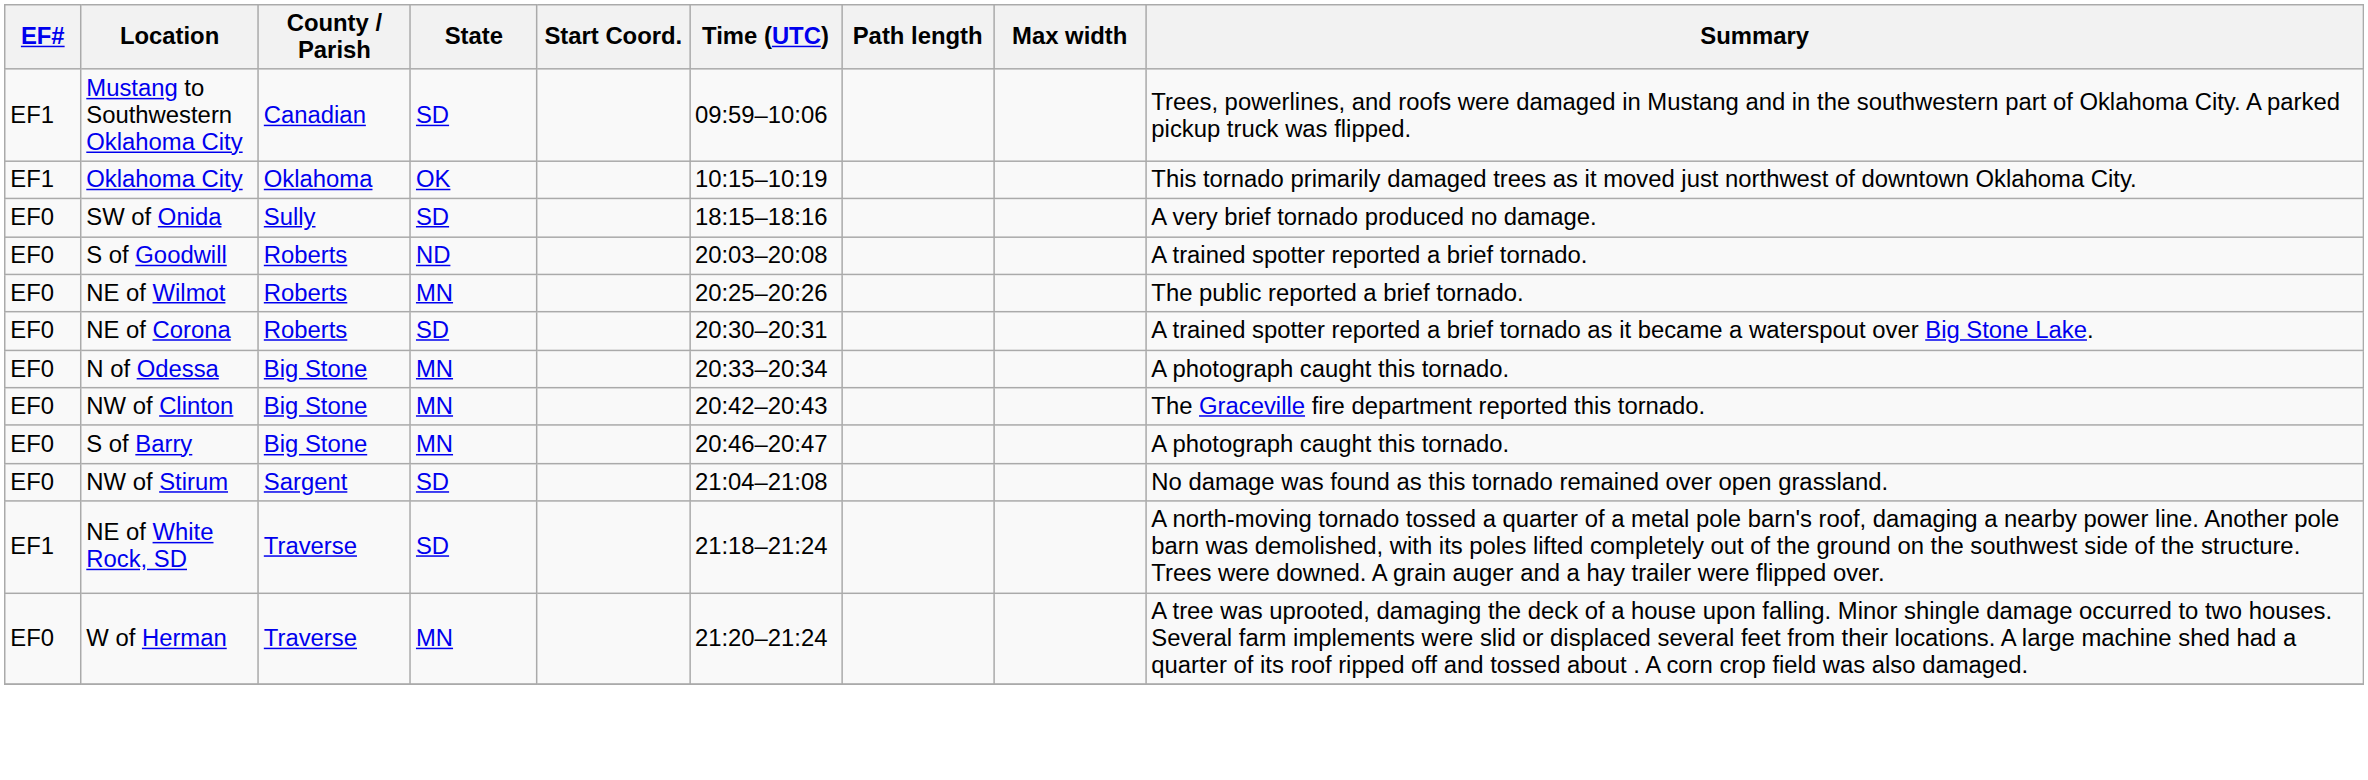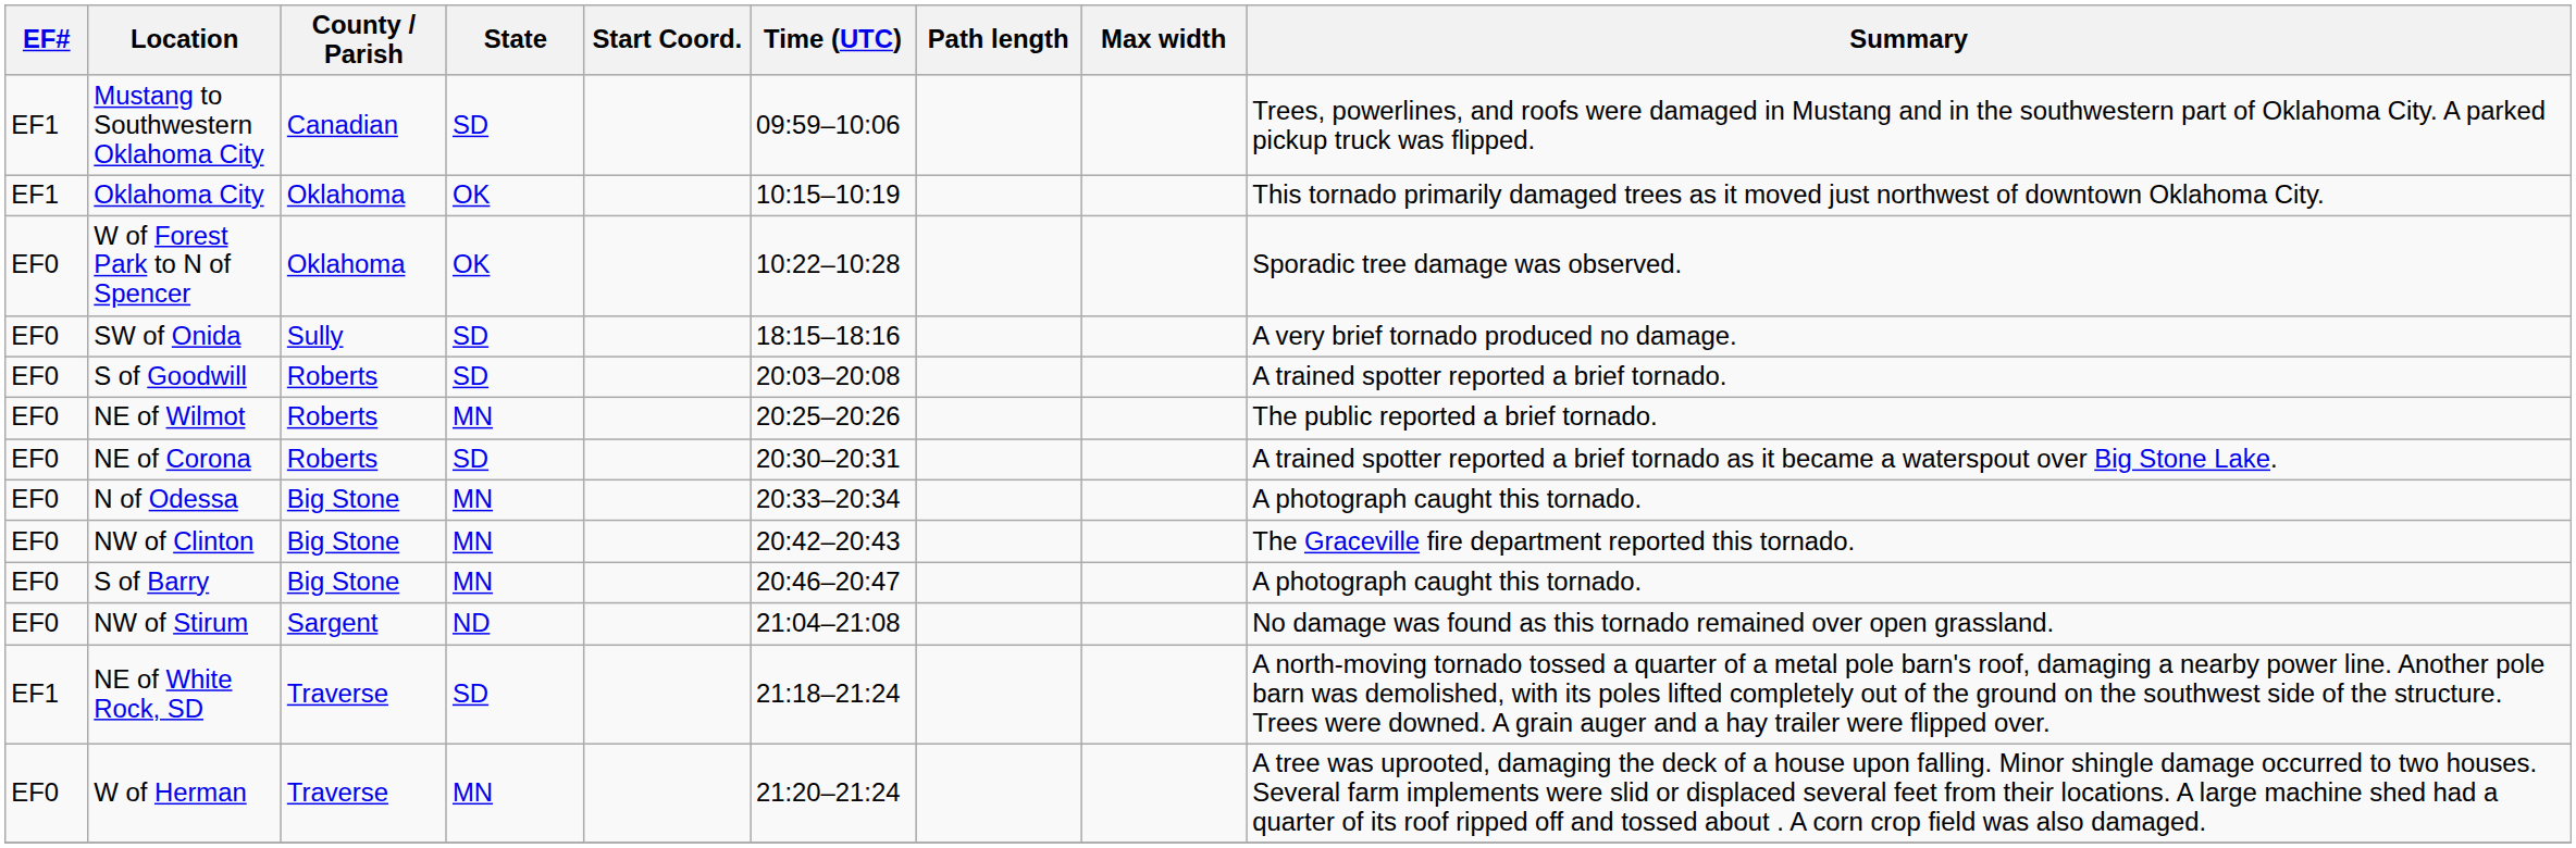 <table class="wikitable sortable" style="width:100%;">
 <tr>
 <th scope="col"  style="width:3%; text-align:center;"><a href='#'>EF#</a></th>
 <th scope="col"  style="width:7%; text-align:center;" class="unsortable">Location</th>
 <th scope="col"  style="width:6%; text-align:center;" class="unsortable">County / Parish</th>
 <th scope="col"  style="width:5%; text-align:center;">State</th>
 <th scope="col"  style="width:6%; text-align:center;">Start Coord.</th>
 <th scope="col"  style="width:6%; text-align:center;">Time (<a href='#'>UTC</a>)</th>
 <th scope="col"  style="width:6%; text-align:center;">Path length</th>
 <th scope="col"  style="width:6%; text-align:center;">Max width</th>
 <th scope="col" class="unsortable" style="width:48%; text-align:center;">Summary</th>
 </tr>
 <tr>
 <td>EF1</td>
 <td><a href='#'>Mustang</a> to Southwestern <a href='#'>Oklahoma City</a></td>
 <td><a href='#'>Canadian</a></td>
 <td><a href='#'>SD</a></td>
 <td></td>
 <td>09:59–10:06</td>
 <td></td>
 <td></td>
 <td>Trees, powerlines, and roofs were damaged in Mustang and in the southwestern part of Oklahoma City. A parked pickup truck was flipped.</td>
 </tr>
 <tr>
 <td>EF1</td>
 <td><a href='#'>Oklahoma City</a></td>
 <td><a href='#'>Oklahoma</a></td>
 <td><a href='#'>OK</a></td>
 <td></td>
 <td>10:15–10:19</td>
 <td></td>
 <td></td>
 <td>This tornado primarily damaged trees as it moved just northwest of downtown Oklahoma City.</td>
 </tr>
 <tr>
 <td>EF0</td>
+<td>W of <a href='#'>Forest Park</a> to N of <a href='#'>Spencer</a></td>
+<td><a href='#'>Oklahoma</a></td>
+<td><a href='#'>OK</a></td>
+<td></td>
+<td>10:22–10:28</td>
+<td></td>
+<td></td>
+<td>Sporadic tree damage was observed.</td>
+</tr>
+<tr>
+<td>EF0</td>
 <td>SW of <a href='#'>Onida</a></td>
 <td><a href='#'>Sully</a></td>
 <td><a href='#'>SD</a></td>
 <td></td>
 <td>18:15–18:16</td>
 <td></td>
 <td></td>
 <td>A very brief tornado produced no damage.</td>
 </tr>
 <tr>
 <td>EF0</td>
 <td>S of <a href='#'>Goodwill</a></td>
 <td><a href='#'>Roberts</a></td>
-<td><a href='#'>ND</a></td>
+<td><a href='#'>SD</a></td>
 <td></td>
 <td>20:03–20:08</td>
 <td></td>
 <td></td>
 <td>A trained spotter reported a brief tornado.</td>
 </tr>
 <tr>
 <td>EF0</td>
 <td>NE of <a href='#'>Wilmot</a></td>
 <td><a href='#'>Roberts</a></td>
 <td><a href='#'>MN</a></td>
 <td></td>
 <td>20:25–20:26</td>
 <td></td>
 <td></td>
 <td>The public reported a brief tornado.</td>
 </tr>
 <tr>
 <td>EF0</td>
 <td>NE of <a href='#'>Corona</a></td>
 <td><a href='#'>Roberts</a></td>
 <td><a href='#'>SD</a></td>
 <td></td>
 <td>20:30–20:31</td>
 <td></td>
 <td></td>
 <td>A trained spotter reported a brief tornado as it became a waterspout over <a href='#'>Big Stone Lake</a>.</td>
 </tr>
 <tr>
 <td>EF0</td>
 <td>N of <a href='#'>Odessa</a></td>
 <td><a href='#'>Big Stone</a></td>
 <td><a href='#'>MN</a></td>
 <td></td>
 <td>20:33–20:34</td>
 <td></td>
 <td></td>
 <td>A photograph caught this tornado.</td>
 </tr>
 <tr>
 <td>EF0</td>
 <td>NW of <a href='#'>Clinton</a></td>
 <td><a href='#'>Big Stone</a></td>
 <td><a href='#'>MN</a></td>
 <td></td>
 <td>20:42–20:43</td>
 <td></td>
 <td></td>
 <td>The <a href='#'>Graceville</a> fire department reported this tornado.</td>
 </tr>
 <tr>
 <td>EF0</td>
 <td>S of <a href='#'>Barry</a></td>
 <td><a href='#'>Big Stone</a></td>
 <td><a href='#'>MN</a></td>
 <td></td>
 <td>20:46–20:47</td>
 <td></td>
 <td></td>
 <td>A photograph caught this tornado.</td>
 </tr>
 <tr>
 <td>EF0</td>
 <td>NW of <a href='#'>Stirum</a></td>
 <td><a href='#'>Sargent</a></td>
-<td><a href='#'>SD</a></td>
+<td><a href='#'>ND</a></td>
 <td></td>
 <td>21:04–21:08</td>
 <td></td>
 <td></td>
 <td>No damage was found as this tornado remained over open grassland.</td>
 </tr>
 <tr>
 <td>EF1</td>
 <td>NE of <a href='#'>White Rock, SD</a></td>
 <td><a href='#'>Traverse</a></td>
 <td><a href='#'>SD</a></td>
 <td></td>
 <td>21:18–21:24</td>
 <td></td>
 <td></td>
 <td>A north-moving tornado tossed a quarter of a metal pole barn's roof, damaging a nearby power line. Another pole barn was demolished, with its poles lifted completely out of the ground on the southwest side of the structure. Trees were downed. A grain auger and a hay trailer were flipped over.</td>
 </tr>
 <tr>
 <td>EF0</td>
 <td>W of <a href='#'>Herman</a></td>
 <td><a href='#'>Traverse</a></td>
 <td><a href='#'>MN</a></td>
 <td></td>
 <td>21:20–21:24</td>
 <td></td>
 <td></td>
 <td>A tree was uprooted, damaging the deck of a house upon falling. Minor shingle damage occurred to two houses. Several farm implements were slid or displaced several feet from their locations. A large machine shed had a quarter of its roof ripped off and tossed about . A corn crop field was also damaged.</td>
 </tr>
 <tr>
 </tr>
 </table>
